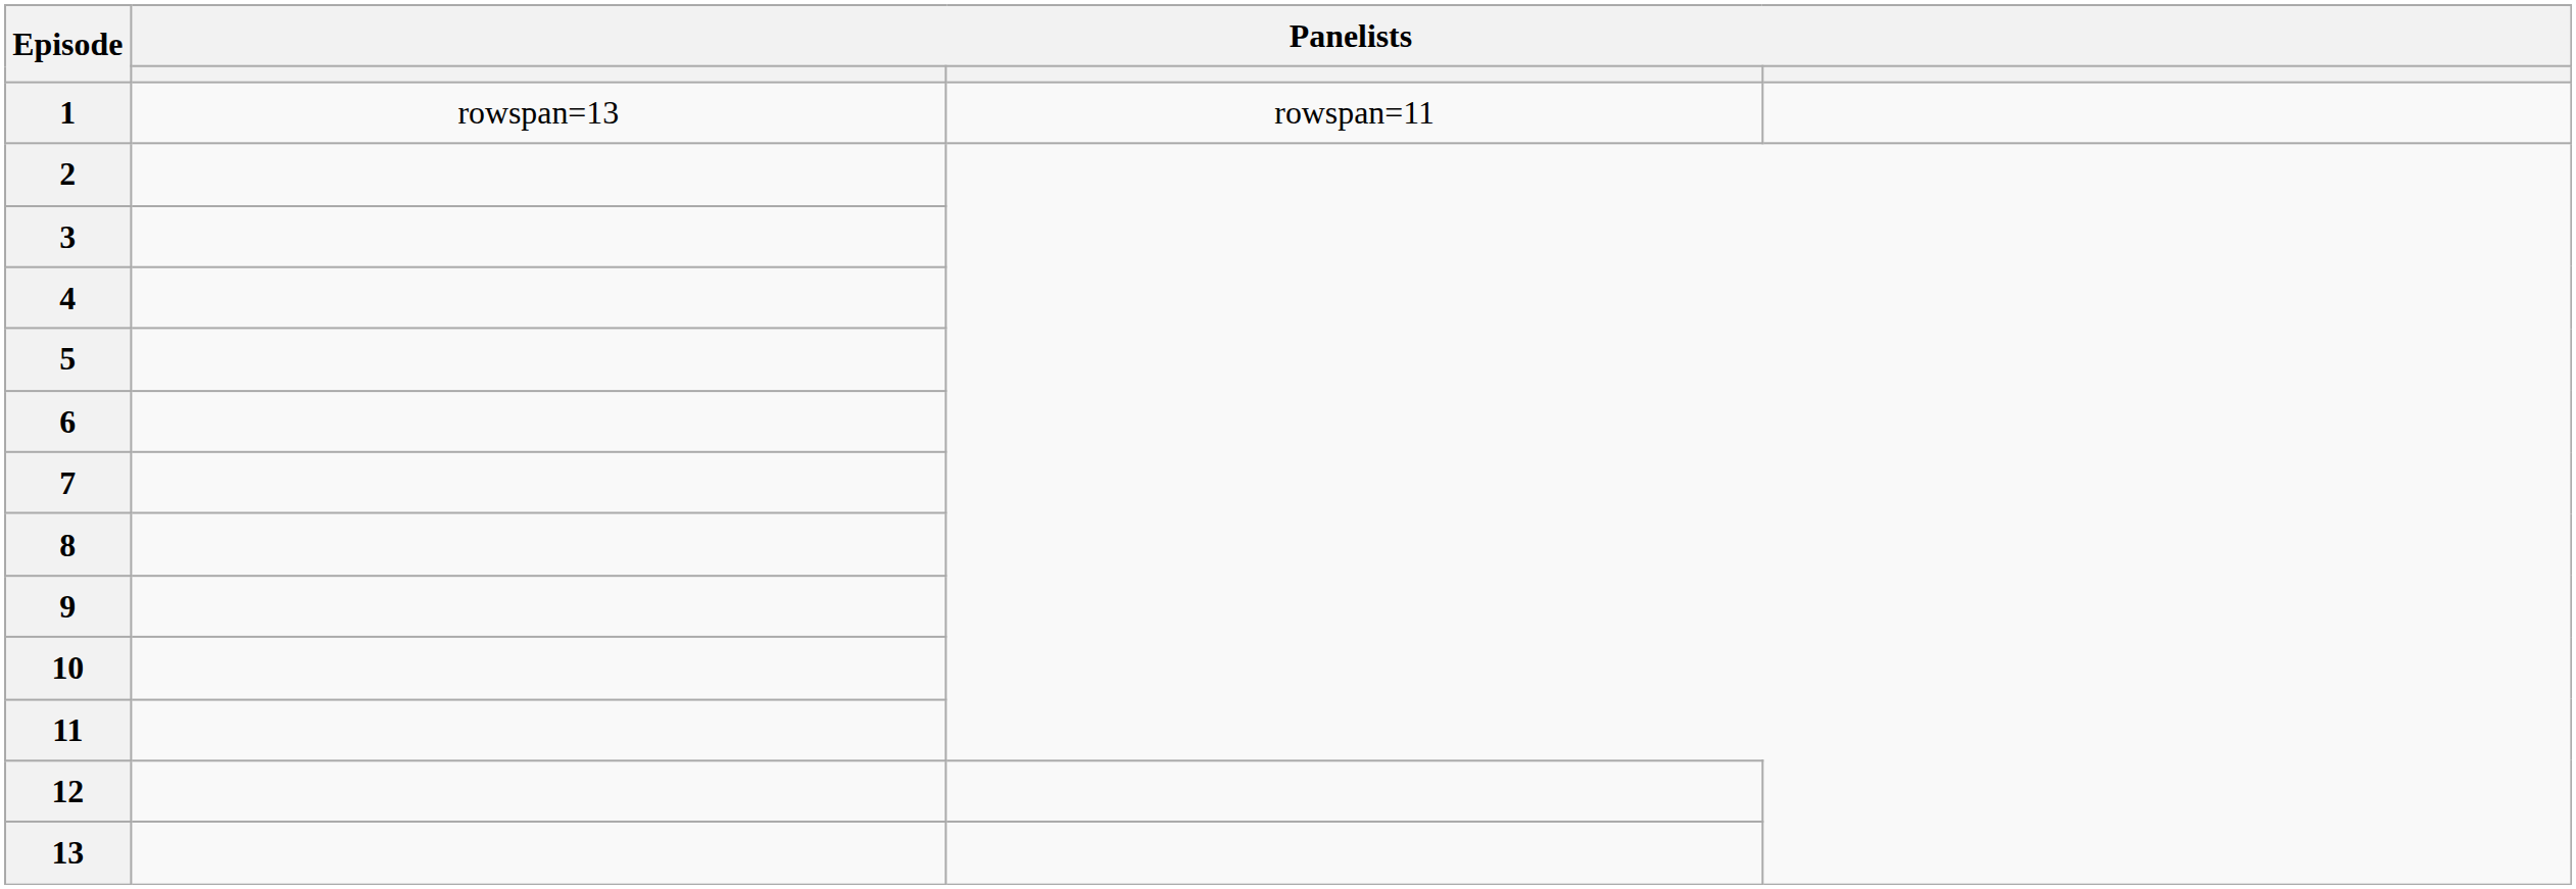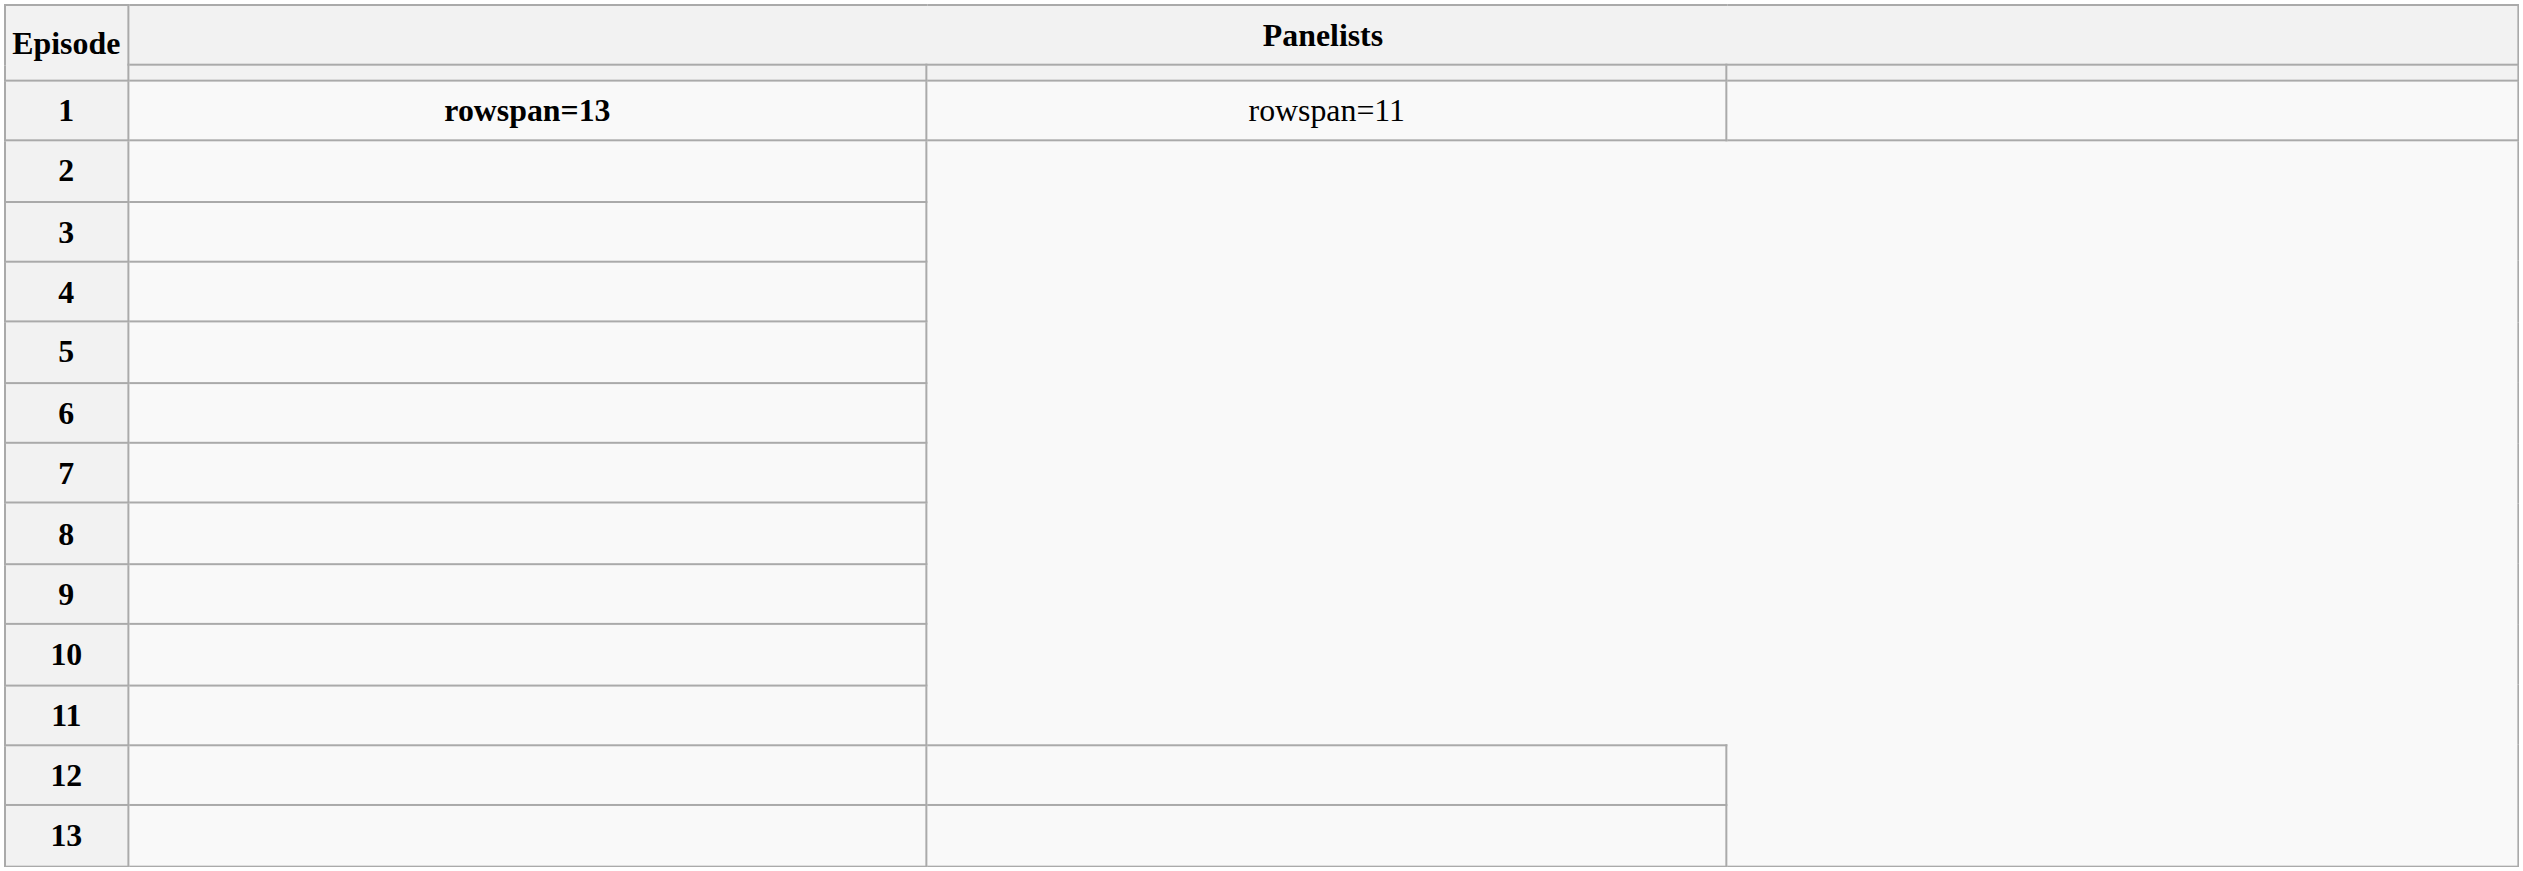 <table class="wikitable plainrowheaders mw-collapsible" style="text-align:center; line-height:23px; width:100%;">
 <tr>
 <th rowspan=2 width=1%>Episode</th>
 <th colspan=3>Panelists</th>
 </tr>
 <tr>
 <th width="33%"></th>
 <th width="33%"></th>
 <th width="33%"></th>
 </tr>
 <tr>
 <th>1</th>
-<td>rowspan=13 </td>
+<td><strong>rowspan=13 </strong></td>
 <td>rowspan=11 </td>
 <td></td>
 </tr>
 <tr>
 <th>2</th>
 <td></td>
 </tr>
 <tr>
 <th>3</th>
 <td></td>
 </tr>
 <tr>
 <th>4</th>
 <td></td>
 </tr>
 <tr>
 <th>5</th>
 <td></td>
 </tr>
 <tr>
 <th>6</th>
 <td></td>
 </tr>
 <tr>
 <th>7</th>
 <td></td>
 </tr>
 <tr>
 <th>8</th>
 <td></td>
 </tr>
 <tr>
 <th>9</th>
 <td></td>
 </tr>
 <tr>
 <th>10</th>
 <td></td>
 </tr>
 <tr>
 <th>11</th>
 <td></td>
 </tr>
 <tr>
 <th>12</th>
 <td></td>
 <td></td>
 </tr>
 <tr>
 <th>13</th>
 <td></td>
 <td></td>
 </tr>
 </table>
